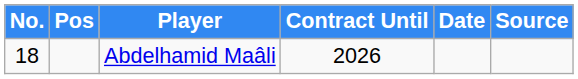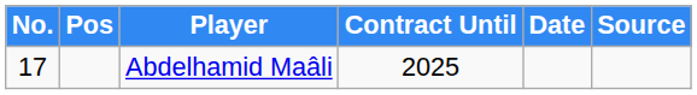 <table class="wikitable plainrowheaders sortable">
 <tr>
 <th style="background:#3088f2; color:#ffffff; ">No.</th>
 <th style="background:#3088f2; color:#ffffff; ">Pos</th>
 <th style="background:#3088f2; color:#ffffff; ">Player</th>
 <th style="background:#3088f2; color:#ffffff; ">Contract Until</th>
 <th style="background:#3088f2; color:#ffffff; ">Date</th>
 <th style="background:#3088f2; color:#ffffff; ">Source</th>
 </tr>
 <tr>
-<td align=center>18</td>
+<td align=center>17</td>
 <td align=center></td>
 <td> <a href='#'>Abdelhamid Maâli</a></td>
-<td style="text-align:center;">2026</td>
+<td style="text-align:center;">2025</td>
 <td></td>
 <td></td>
 </tr>
 </table>
